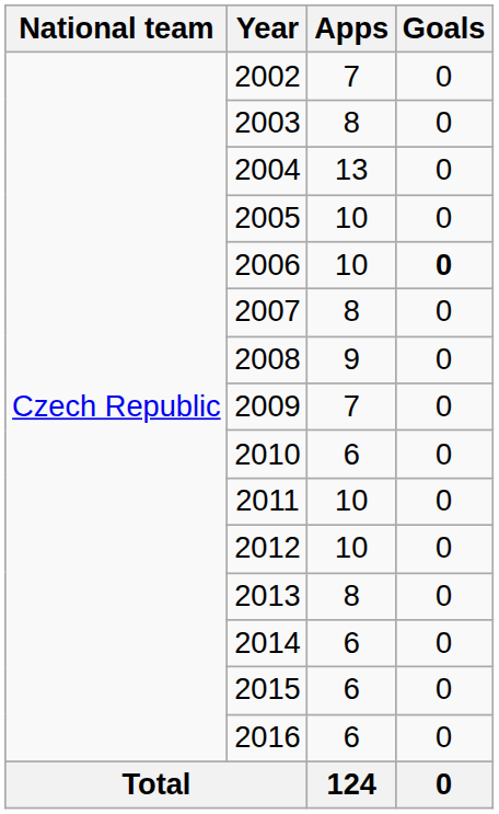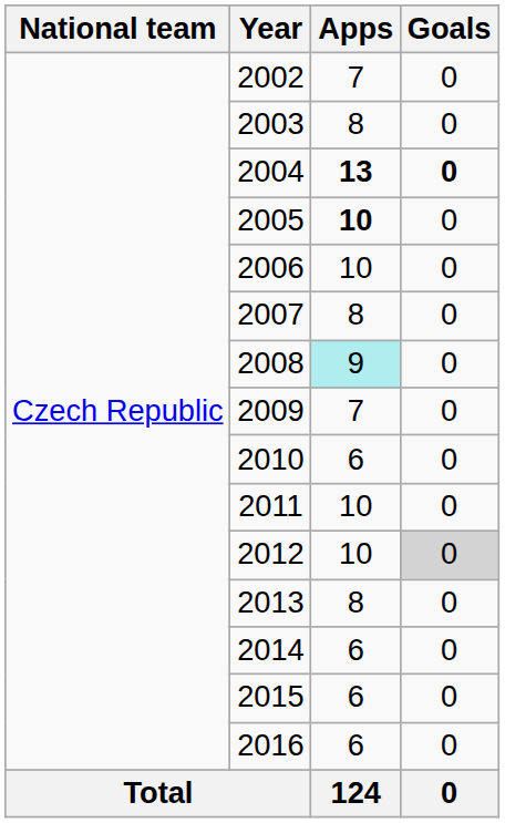 <table class="wikitable" style="text-align:center">
 <tr>
 <th>National team</th>
 <th>Year</th>
 <th>Apps</th>
 <th>Goals</th>
 </tr>
 <tr>
 <td rowspan="15"><a href='#'>Czech Republic</a></td>
 <td>2002</td>
 <td>7</td>
 <td>0</td>
 </tr>
 <tr>
 <td>2003</td>
 <td>8</td>
 <td>0</td>
 </tr>
 <tr>
 <td>2004</td>
-<td>13</td>
-<td>0</td>
+<td><strong>13</strong></td>
+<td><strong>0</strong></td>
 </tr>
 <tr>
 <td>2005</td>
-<td>10</td>
+<td><strong>10</strong></td>
 <td>0</td>
 </tr>
 <tr>
 <td>2006</td>
 <td>10</td>
-<td><strong>0</strong></td>
+<td>0</td>
 </tr>
 <tr>
 <td>2007</td>
 <td>8</td>
 <td>0</td>
 </tr>
 <tr>
 <td>2008</td>
-<td>9</td>
+<td style="background: paleturquoise;">9</td>
 <td>0</td>
 </tr>
 <tr>
 <td>2009</td>
 <td>7</td>
 <td>0</td>
 </tr>
 <tr>
 <td>2010</td>
 <td>6</td>
 <td>0</td>
 </tr>
 <tr>
 <td>2011</td>
 <td>10</td>
 <td>0</td>
 </tr>
 <tr>
 <td>2012</td>
 <td>10</td>
-<td>0</td>
+<td style="background: lightgrey;">0</td>
 </tr>
 <tr>
 <td>2013</td>
 <td>8</td>
 <td>0</td>
 </tr>
 <tr>
 <td>2014</td>
 <td>6</td>
 <td>0</td>
 </tr>
 <tr>
 <td>2015</td>
 <td>6</td>
 <td>0</td>
 </tr>
 <tr>
 <td>2016</td>
 <td>6</td>
 <td>0</td>
 </tr>
 <tr>
 <th colspan="2">Total</th>
 <th>124</th>
 <th>0</th>
 </tr>
 </table>
